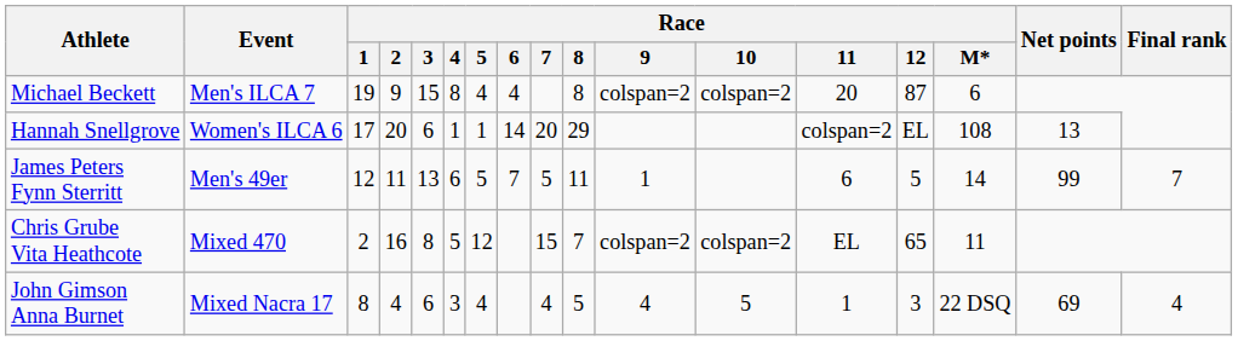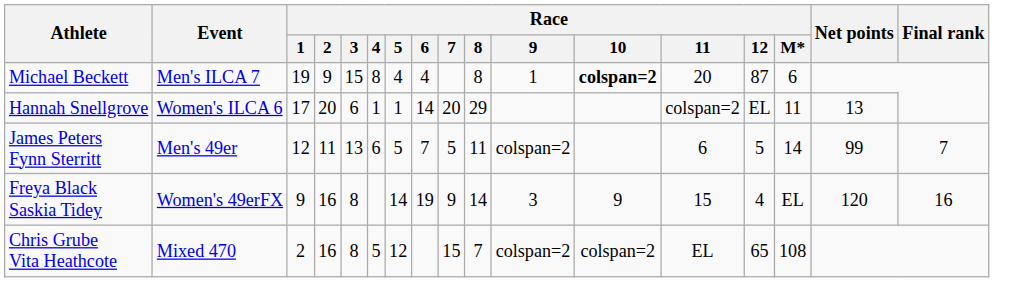 <table class="wikitable" style="font-size:90%">
 <tr>
 <th rowspan="2">Athlete</th>
 <th rowspan="2">Event</th>
 <th colspan=13>Race</th>
 <th rowspan=2>Net points</th>
 <th rowspan=2>Final rank</th>
 </tr>
 <tr style="font-size:95%">
 <th>1</th>
 <th>2</th>
 <th>3</th>
 <th>4</th>
 <th>5</th>
 <th>6</th>
 <th>7</th>
 <th>8</th>
 <th>9</th>
 <th>10</th>
 <th>11</th>
 <th>12</th>
 <th>M*</th>
 </tr>
 <tr align=center>
 <td align=left><a href='#'>Michael Beckett</a></td>
 <td align=left><a href='#'>Men's ILCA 7</a></td>
 <td>19</td>
 <td>9</td>
 <td>15</td>
 <td>8</td>
 <td>4</td>
 <td>4</td>
 <td></td>
 <td>8</td>
-<td>colspan=2 </td>
-<td>colspan=2 </td>
+<td>1</td>
+<td><strong>colspan=2 </strong></td>
 <td>20</td>
 <td>87</td>
 <td>6</td>
 </tr>
 <tr align=center>
 <td align=left><a href='#'>Hannah Snellgrove</a></td>
 <td align=left><a href='#'>Women's ILCA 6</a></td>
 <td>17</td>
 <td>20</td>
 <td>6</td>
 <td>1</td>
 <td>1</td>
 <td>14</td>
 <td>20</td>
 <td>29</td>
 <td></td>
 <td></td>
 <td>colspan=2 </td>
 <td>EL</td>
-<td>108</td>
+<td>11</td>
 <td>13</td>
 </tr>
 <tr align=center>
 <td align=left><a href='#'>James Peters</a><br><a href='#'>Fynn Sterritt</a></td>
 <td align=left><a href='#'>Men's 49er</a></td>
 <td>12</td>
 <td>11</td>
 <td>13</td>
 <td>6</td>
 <td>5</td>
 <td>7</td>
 <td>5</td>
 <td>11</td>
-<td>1</td>
+<td>colspan=2 </td>
 <td></td>
 <td>6</td>
 <td>5</td>
 <td>14</td>
 <td>99</td>
 <td>7</td>
+</tr>
+<tr align=center>
+<td align=left><a href='#'>Freya Black</a><br><a href='#'>Saskia Tidey</a></td>
+<td align=left><a href='#'>Women's 49erFX</a></td>
+<td>9</td>
+<td>16</td>
+<td>8</td>
+<td></td>
+<td>14</td>
+<td>19</td>
+<td>9</td>
+<td>14</td>
+<td>3</td>
+<td>9</td>
+<td>15</td>
+<td>4</td>
+<td>EL</td>
+<td>120</td>
+<td>16</td>
 </tr>
 <tr align=center>
 <td align=left><a href='#'>Chris Grube</a><br><a href='#'>Vita Heathcote</a></td>
 <td align=left><a href='#'>Mixed 470</a></td>
 <td>2</td>
 <td>16</td>
 <td>8</td>
 <td>5</td>
 <td>12</td>
 <td></td>
 <td>15</td>
 <td>7</td>
 <td>colspan=2 </td>
 <td>colspan=2 </td>
 <td>EL</td>
 <td>65</td>
-<td>11</td>
-</tr>
-<tr align=center>
-<td align=left><a href='#'>John Gimson</a><br><a href='#'>Anna Burnet</a></td>
-<td align=left><a href='#'>Mixed Nacra 17</a></td>
-<td>8</td>
-<td>4</td>
-<td>6</td>
-<td>3</td>
-<td>4</td>
-<td></td>
-<td>4</td>
-<td>5</td>
-<td>4</td>
-<td>5</td>
-<td>1</td>
-<td>3</td>
-<td>22 DSQ</td>
-<td>69</td>
-<td>4</td>
+<td>108</td>
 </tr>
 </table>
